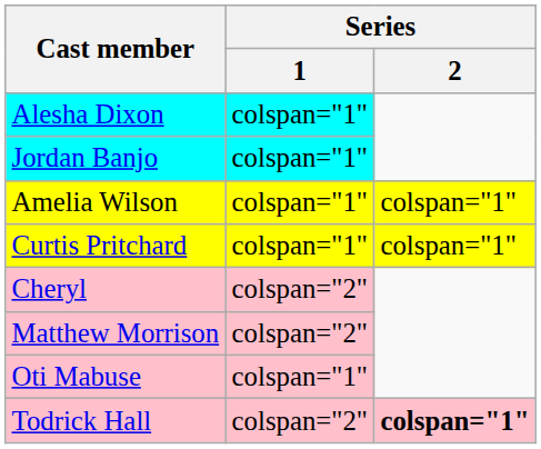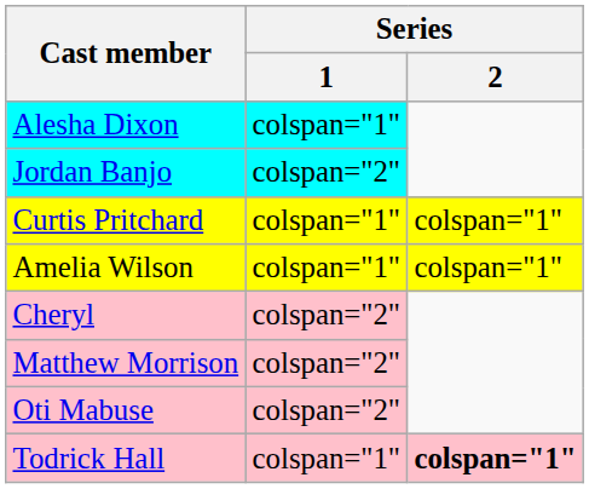 <table class="wikitable plainrowheaders">
 <tr>
 <th rowspan="2">Cast member</th>
 <th colspan="2" style="text-align:center;">Series</th>
 </tr>
 <tr>
 <th>1</th>
 <th>2</th>
 </tr>
 <tr style="background:cyan;">
 <td><a href='#'>Alesha Dixon</a></td>
 <td>colspan="1" </td>
 </tr>
 <tr style="background:cyan;">
 <td><a href='#'>Jordan Banjo</a></td>
+<td>colspan="2" </td>
+</tr>
+<tr style="background:yellow;">
+<td><a href='#'>Curtis Pritchard</a></td>
+<td>colspan="1" </td>
 <td>colspan="1" </td>
 </tr>
 <tr style="background:yellow;">
 <td>Amelia Wilson</td>
-<td>colspan="1" </td>
-<td>colspan="1" </td>
-</tr>
-<tr style="background:yellow;">
-<td><a href='#'>Curtis Pritchard</a></td>
 <td>colspan="1" </td>
 <td>colspan="1" </td>
 </tr>
 <tr style="background:pink;">
 <td><a href='#'>Cheryl</a></td>
 <td>colspan="2" </td>
 </tr>
 <tr style="background:pink;">
 <td><a href='#'>Matthew Morrison</a></td>
 <td>colspan="2" </td>
 </tr>
 <tr style="background:pink;">
 <td><a href='#'>Oti Mabuse</a></td>
-<td>colspan="1" </td>
+<td>colspan="2" </td>
 </tr>
 <tr style="background:pink;">
 <td><a href='#'>Todrick Hall</a></td>
-<td>colspan="2" </td>
+<td>colspan="1" </td>
 <td><strong>colspan="1" </strong></td>
 </tr>
 </table>
